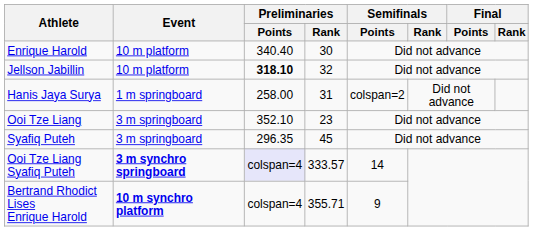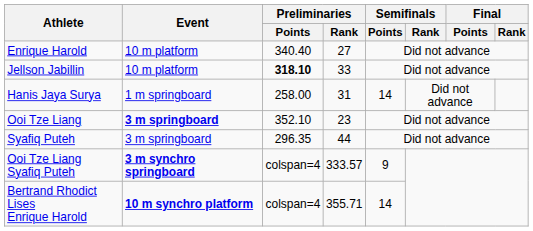 <table class="wikitable" style="text-align:center; font-size:90%; width:50%;">
 <tr>
 <th rowspan=2>Athlete</th>
 <th rowspan=2>Event</th>
 <th colspan=2>Preliminaries</th>
 <th colspan=2>Semifinals</th>
 <th colspan=2>Final</th>
 </tr>
 <tr style="font-size:95%">
 <th>Points</th>
 <th>Rank</th>
 <th>Points</th>
 <th>Rank</th>
 <th>Points</th>
 <th>Rank</th>
 </tr>
 <tr>
 <td align=left><a href='#'>Enrique Harold</a></td>
 <td align=left><a href='#'>10 m platform</a></td>
 <td>340.40</td>
-<td>30</td>
+<td>27</td>
 <td colspan=4>Did not advance</td>
 </tr>
 <tr>
 <td align=left><a href='#'>Jellson Jabillin</a></td>
 <td align=left><a href='#'>10 m platform</a></td>
 <td><strong>318.10</strong></td>
-<td>32</td>
+<td>33</td>
 <td colspan=4>Did not advance</td>
 </tr>
 <tr>
 <td align=left><a href='#'>Hanis Jaya Surya</a></td>
 <td align=left><a href='#'>1 m springboard</a></td>
 <td>258.00</td>
 <td>31</td>
-<td>colspan=2 </td>
+<td>14</td>
 <td colspan=2>Did not advance</td>
 </tr>
 <tr>
 <td align=left><a href='#'>Ooi Tze Liang</a></td>
-<td align=left><a href='#'>3 m springboard</a></td>
+<td align=left><strong><a href='#'>3 m springboard</a></strong></td>
 <td>352.10</td>
 <td>23</td>
 <td colspan=4>Did not advance</td>
 </tr>
 <tr>
 <td align=left><a href='#'>Syafiq Puteh</a></td>
 <td align=left><a href='#'>3 m springboard</a></td>
 <td>296.35</td>
-<td>45</td>
+<td>44</td>
 <td colspan=4>Did not advance</td>
 </tr>
 <tr>
 <td align=left><a href='#'>Ooi Tze Liang</a><br><a href='#'>Syafiq Puteh</a></td>
 <td align=left><strong><a href='#'>3 m synchro springboard</a></strong></td>
-<td style="background: lavender;">colspan=4 </td>
+<td>colspan=4 </td>
 <td>333.57</td>
-<td>14</td>
+<td>9</td>
 </tr>
 <tr>
 <td align=left><a href='#'>Bertrand Rhodict Lises</a><br><a href='#'>Enrique Harold</a></td>
 <td align=left><strong><a href='#'>10 m synchro platform</a></strong></td>
 <td>colspan=4 </td>
 <td>355.71</td>
-<td>9</td>
+<td>14</td>
 </tr>
 </table>
